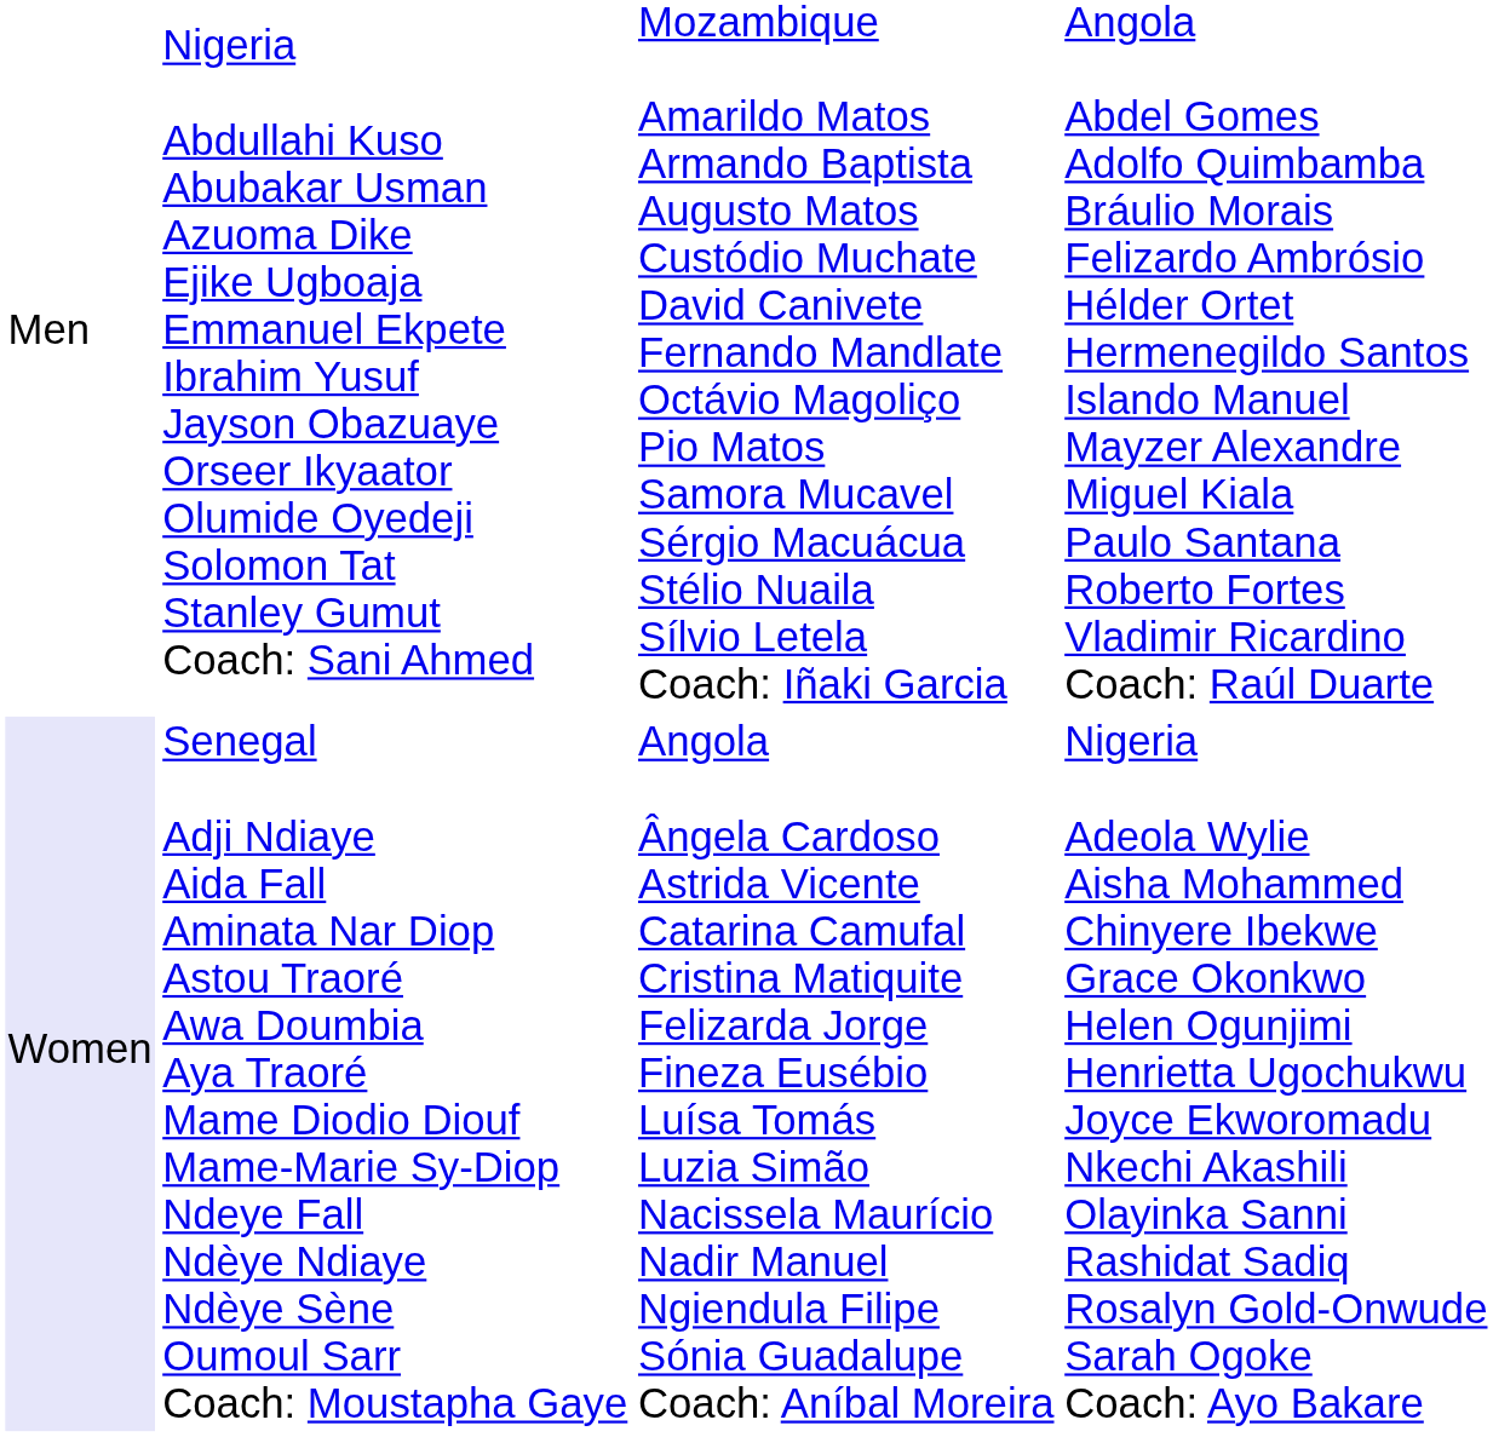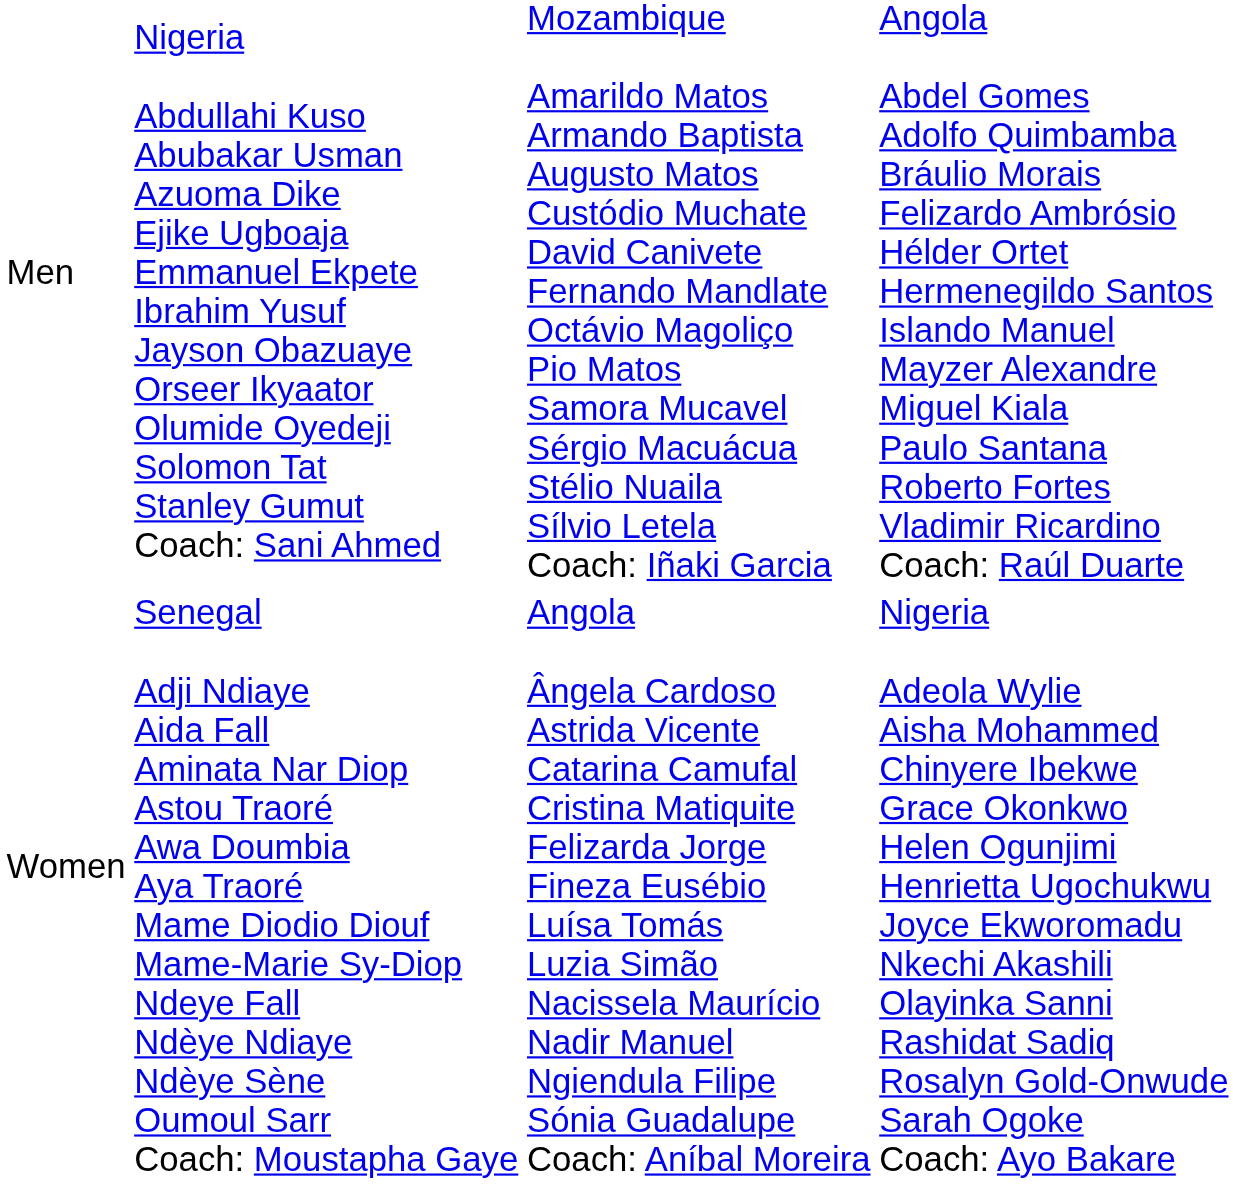 <table>
 <tr>
 <td>Men<br> <br> </td>
 <td> <a href='#'>Nigeria</a><br><br><a href='#'>Abdullahi Kuso</a><br> <a href='#'>Abubakar Usman</a><br> <a href='#'>Azuoma Dike</a><br> <a href='#'>Ejike Ugboaja</a><br> <a href='#'>Emmanuel Ekpete</a><br> <a href='#'>Ibrahim Yusuf</a><br> <a href='#'>Jayson Obazuaye</a><br> <a href='#'>Orseer Ikyaator</a><br> <a href='#'>Olumide Oyedeji</a><br> <a href='#'>Solomon Tat</a><br> <a href='#'>Stanley Gumut</a><br> Coach: <a href='#'>Sani Ahmed</a><br></td>
 <td> <a href='#'>Mozambique</a><br><br><a href='#'>Amarildo Matos</a><br> <a href='#'>Armando Baptista</a><br> <a href='#'>Augusto Matos</a><br> <a href='#'>Custódio Muchate</a><br> <a href='#'>David Canivete</a><br> <a href='#'>Fernando Mandlate</a><br> <a href='#'>Octávio Magoliço</a><br> <a href='#'>Pio Matos</a><br> <a href='#'>Samora Mucavel</a><br> <a href='#'>Sérgio Macuácua</a><br> <a href='#'>Stélio Nuaila</a><br> <a href='#'>Sílvio Letela</a><br> Coach: <a href='#'>Iñaki Garcia</a><br></td>
 <td> <a href='#'>Angola</a><br><br><a href='#'>Abdel Gomes</a><br> <a href='#'>Adolfo Quimbamba</a><br> <a href='#'>Bráulio Morais</a><br> <a href='#'>Felizardo Ambrósio</a><br> <a href='#'>Hélder Ortet</a><br> <a href='#'>Hermenegildo Santos</a><br> <a href='#'>Islando Manuel</a><br> <a href='#'>Mayzer Alexandre</a><br> <a href='#'>Miguel Kiala</a><br> <a href='#'>Paulo Santana</a><br> <a href='#'>Roberto Fortes</a><br> <a href='#'>Vladimir Ricardino</a><br> Coach: <a href='#'>Raúl Duarte</a><br></td>
 </tr>
 <tr>
-<td style="background: lavender;">Women<br> <br> </td>
+<td>Women<br> <br> </td>
 <td> <a href='#'>Senegal</a><br><br><a href='#'>Adji Ndiaye</a><br> <a href='#'>Aida Fall</a><br> <a href='#'>Aminata Nar Diop</a><br> <a href='#'>Astou Traoré</a><br> <a href='#'>Awa Doumbia</a><br> <a href='#'>Aya Traoré</a><br> <a href='#'>Mame Diodio Diouf</a><br> <a href='#'>Mame-Marie Sy-Diop</a><br> <a href='#'>Ndeye Fall</a><br> <a href='#'>Ndèye Ndiaye</a><br> <a href='#'>Ndèye Sène</a><br> <a href='#'>Oumoul Sarr</a><br> Coach: <a href='#'>Moustapha Gaye</a><br></td>
 <td> <a href='#'>Angola</a><br><br><a href='#'>Ângela Cardoso</a><br> <a href='#'>Astrida Vicente</a><br> <a href='#'>Catarina Camufal</a><br> <a href='#'>Cristina Matiquite</a><br> <a href='#'>Felizarda Jorge</a><br> <a href='#'>Fineza Eusébio</a><br> <a href='#'>Luísa Tomás</a><br> <a href='#'>Luzia Simão</a><br> <a href='#'>Nacissela Maurício</a><br> <a href='#'>Nadir Manuel</a><br> <a href='#'>Ngiendula Filipe</a><br> <a href='#'>Sónia Guadalupe</a><br> Coach: <a href='#'>Aníbal Moreira</a><br></td>
 <td> <a href='#'>Nigeria</a><br><br><a href='#'>Adeola Wylie</a><br> <a href='#'>Aisha Mohammed</a><br> <a href='#'>Chinyere Ibekwe</a><br> <a href='#'>Grace Okonkwo</a><br> <a href='#'>Helen Ogunjimi</a><br> <a href='#'>Henrietta Ugochukwu</a><br> <a href='#'>Joyce Ekworomadu</a><br> <a href='#'>Nkechi Akashili</a><br> <a href='#'>Olayinka Sanni</a><br> <a href='#'>Rashidat Sadiq</a><br> <a href='#'>Rosalyn Gold-Onwude</a><br> <a href='#'>Sarah Ogoke</a><br> Coach: <a href='#'>Ayo Bakare</a><br></td>
 </tr>
 </table>
